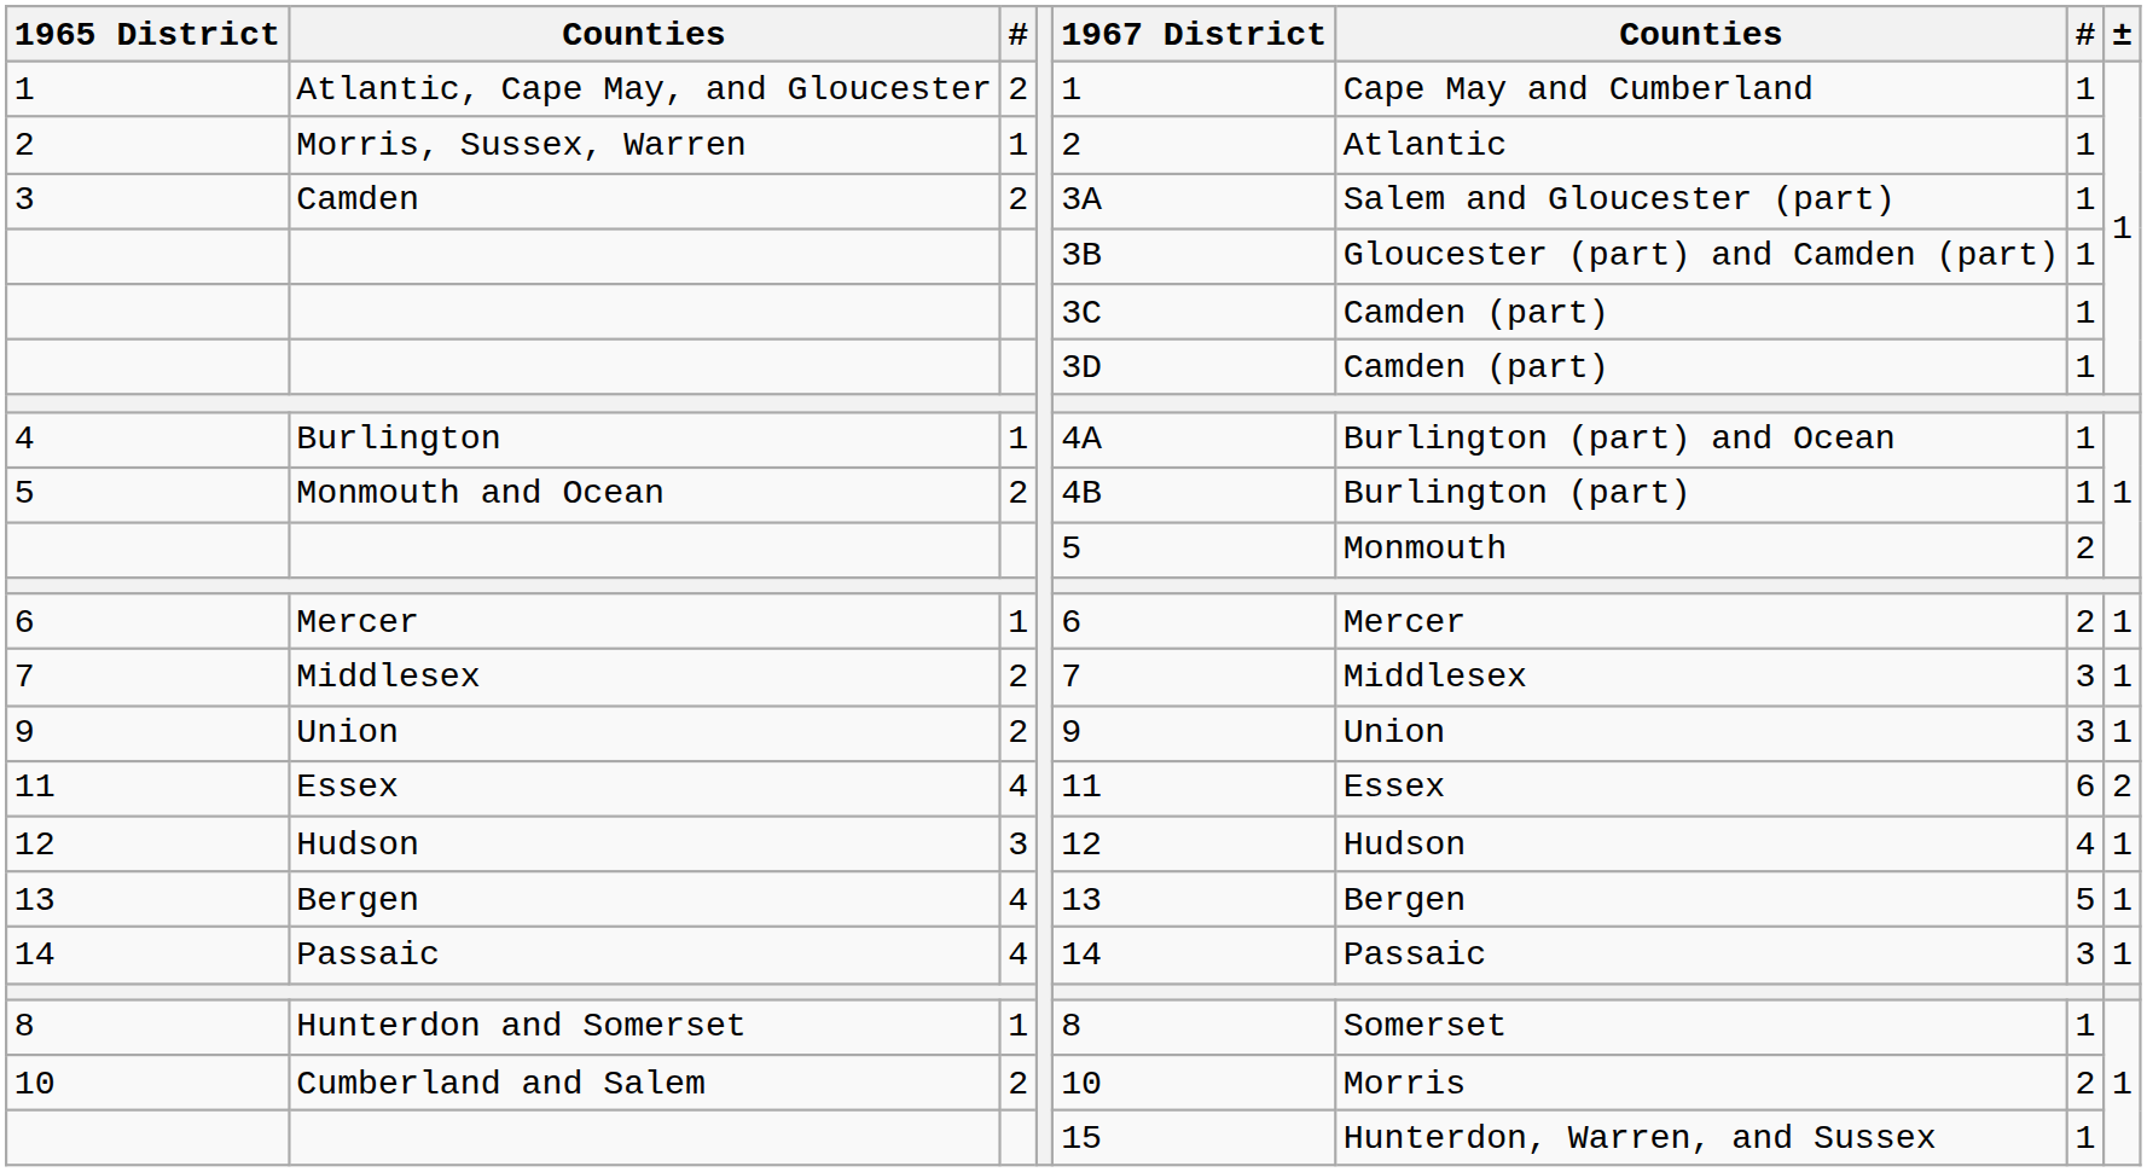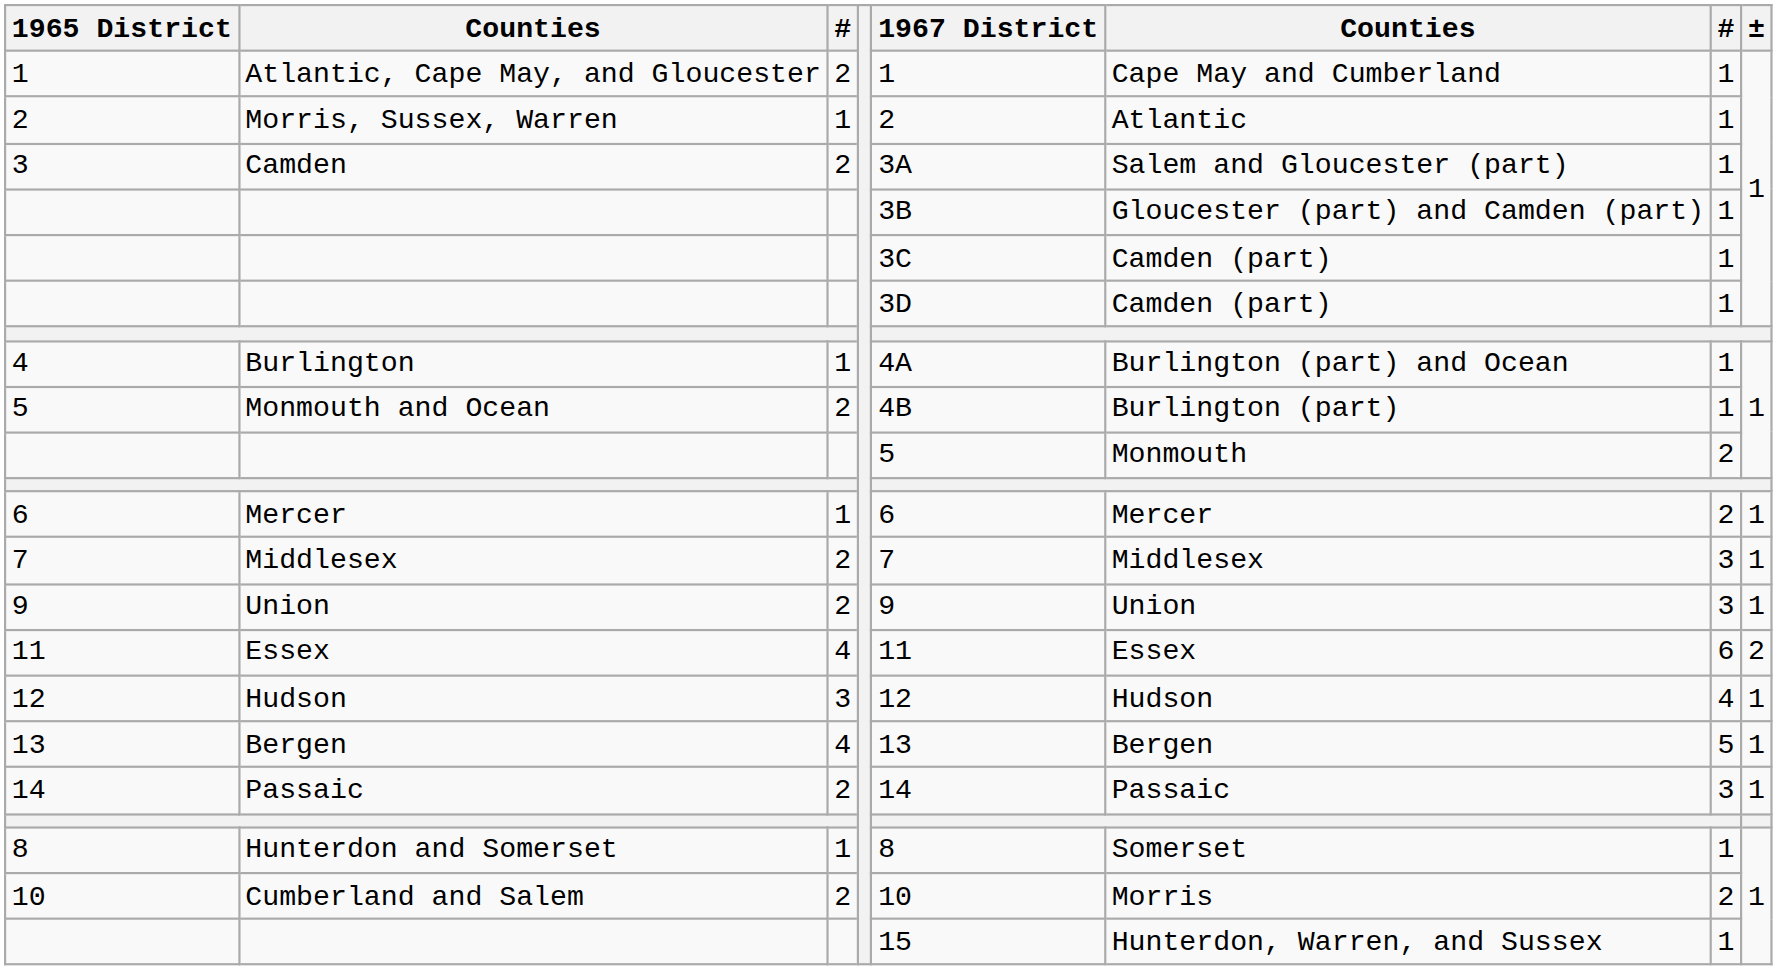 <table class="wikitable">
 <tr>
 <th>1965 District</th>
 <th>Counties</th>
 <th>#</th>
 <th rowspan="23"></th>
 <th>1967 District</th>
 <th>Counties</th>
 <th>#</th>
 <th>±</th>
 </tr>
 <tr>
 <td>1</td>
 <td>Atlantic, Cape May, and Gloucester</td>
 <td>2</td>
 <td>1</td>
 <td>Cape May and Cumberland</td>
 <td>1</td>
 <td rowspan="6"> 1</td>
 </tr>
 <tr>
 <td>2</td>
 <td>Morris, Sussex, Warren</td>
 <td>1</td>
 <td>2</td>
 <td>Atlantic</td>
 <td>1</td>
 </tr>
 <tr>
 <td>3</td>
 <td>Camden</td>
 <td>2</td>
 <td>3A</td>
 <td>Salem and Gloucester (part)</td>
 <td>1</td>
 </tr>
 <tr>
 <td></td>
 <td></td>
 <td></td>
 <td>3B</td>
 <td>Gloucester (part) and Camden (part)</td>
 <td>1</td>
 </tr>
 <tr>
 <td></td>
 <td></td>
 <td></td>
 <td>3C</td>
 <td>Camden (part)</td>
 <td>1</td>
 </tr>
 <tr>
 <td></td>
 <td></td>
 <td></td>
 <td>3D</td>
 <td>Camden (part)</td>
 <td>1</td>
 </tr>
 <tr>
 <th colspan="3"></th>
 <th colspan="4"></th>
 </tr>
 <tr>
 <td>4</td>
 <td>Burlington</td>
 <td>1</td>
 <td>4A</td>
 <td>Burlington (part) and Ocean</td>
 <td>1</td>
 <td rowspan="3"> 1</td>
 </tr>
 <tr>
 <td>5</td>
 <td>Monmouth and Ocean</td>
 <td>2</td>
 <td>4B</td>
 <td>Burlington (part)</td>
 <td>1</td>
 </tr>
 <tr>
 <td></td>
 <td></td>
 <td></td>
 <td>5</td>
 <td>Monmouth</td>
 <td>2</td>
 </tr>
 <tr>
 <th colspan="3"></th>
 <th colspan="4"></th>
 </tr>
 <tr>
 <td>6</td>
 <td>Mercer</td>
 <td>1</td>
 <td>6</td>
 <td>Mercer</td>
 <td>2</td>
 <td> 1</td>
 </tr>
 <tr>
 <td>7</td>
 <td>Middlesex</td>
 <td>2</td>
 <td>7</td>
 <td>Middlesex</td>
 <td>3</td>
 <td> 1</td>
 </tr>
 <tr>
 <td>9</td>
 <td>Union</td>
 <td>2</td>
 <td>9</td>
 <td>Union</td>
 <td>3</td>
 <td> 1</td>
 </tr>
 <tr>
 <td>11</td>
 <td>Essex</td>
 <td>4</td>
 <td>11</td>
 <td>Essex</td>
 <td>6</td>
 <td> 2</td>
 </tr>
 <tr>
 <td>12</td>
 <td>Hudson</td>
 <td>3</td>
 <td>12</td>
 <td>Hudson</td>
 <td>4</td>
 <td> 1</td>
 </tr>
 <tr>
 <td>13</td>
 <td>Bergen</td>
 <td>4</td>
 <td>13</td>
 <td>Bergen</td>
 <td>5</td>
 <td> 1</td>
 </tr>
 <tr>
 <td>14</td>
 <td>Passaic</td>
-<td>4</td>
+<td>2</td>
 <td>14</td>
 <td>Passaic</td>
 <td>3</td>
 <td> 1</td>
 </tr>
 <tr>
 <th colspan="3"></th>
 <th colspan="3"></th>
 <th></th>
 </tr>
 <tr>
 <td>8</td>
 <td>Hunterdon and Somerset</td>
 <td>1</td>
 <td>8</td>
 <td>Somerset</td>
 <td>1</td>
 <td rowspan="3">1</td>
 </tr>
 <tr>
 <td>10</td>
 <td>Cumberland and Salem</td>
 <td>2</td>
 <td>10</td>
 <td>Morris</td>
 <td>2</td>
 </tr>
 <tr>
 <td></td>
 <td></td>
 <td></td>
 <td>15</td>
 <td>Hunterdon, Warren, and Sussex</td>
 <td>1</td>
 </tr>
 </table>
